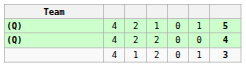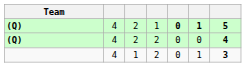 <table class="wikitable" style="text-align:center">
 <tr>
 <th width="140">Team</th>
 <th width="25"></th>
 <th width="25"></th>
 <th width="25"></th>
 <th width="25"></th>
 <th width="25"></th>
 <th width="40"></th>
 </tr>
 <tr style="background:#cfc">
 <td style="text-align:left"> <strong>(Q)</strong></td>
 <td>4</td>
 <td>2</td>
 <td>1</td>
-<td>0</td>
-<td>1</td>
+<td><strong>0</strong></td>
+<td><strong>1</strong></td>
 <td><strong>5</strong></td>
 </tr>
 <tr style="background:#cfc">
 <td style="text-align:left"> <strong>(Q)</strong></td>
 <td>4</td>
 <td>2</td>
 <td>2</td>
 <td>0</td>
 <td>0</td>
 <td><strong>4</strong></td>
 </tr>
 <tr>
 <td style="text-align:left"></td>
 <td>4</td>
 <td>1</td>
 <td>2</td>
 <td>0</td>
 <td>1</td>
 <td><strong>3</strong></td>
 </tr>
 </table>
